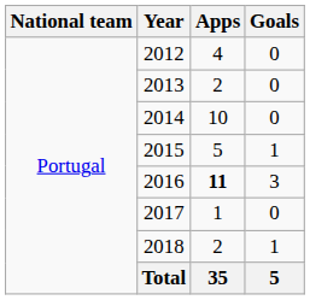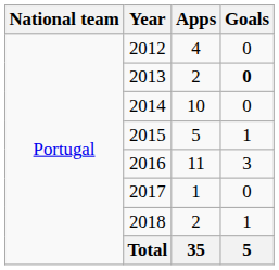 <table class="wikitable" style="text-align:center">
 <tr>
 <th>National team</th>
 <th>Year</th>
 <th>Apps</th>
 <th>Goals</th>
 </tr>
 <tr>
 <td rowspan="8"><a href='#'>Portugal</a></td>
 <td>2012</td>
 <td>4</td>
 <td>0</td>
 </tr>
 <tr>
 <td>2013</td>
 <td>2</td>
-<td>0</td>
+<td><strong>0</strong></td>
 </tr>
 <tr>
 <td>2014</td>
 <td>10</td>
 <td>0</td>
 </tr>
 <tr>
 <td>2015</td>
 <td>5</td>
 <td>1</td>
 </tr>
 <tr>
 <td>2016</td>
-<td><strong>11</strong></td>
+<td>11</td>
 <td>3</td>
 </tr>
 <tr>
 <td>2017</td>
 <td>1</td>
 <td>0</td>
 </tr>
 <tr>
 <td>2018</td>
 <td>2</td>
 <td>1</td>
 </tr>
 <tr>
 <th>Total</th>
 <th>35</th>
 <th>5</th>
 </tr>
 </table>
